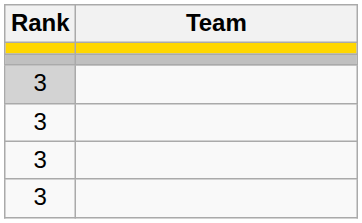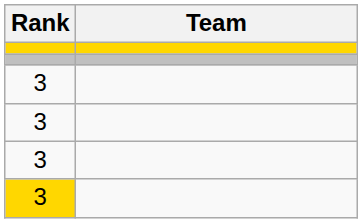 <table class="wikitable" style="text-align:center;">
 <tr>
 <th width=40>Rank</th>
 <th width=180>Team</th>
 </tr>
 <tr bgcolor="gold">
 <td></td>
 <td style="text-align:left;"></td>
 </tr>
 <tr bgcolor="silver">
 <td></td>
 <td style="text-align:left;"></td>
 </tr>
 <tr>
-<td style="background: lightgrey;">3</td>
+<td>3</td>
 <td style="text-align:left;"></td>
 </tr>
 <tr>
 <td>3</td>
 <td style="text-align:left;"></td>
 </tr>
 <tr>
 <td>3</td>
 <td style="text-align:left;"></td>
 </tr>
 <tr>
-<td>3</td>
+<td style="background: gold;">3</td>
 <td style="text-align:left;"></td>
 </tr>
 </table>
